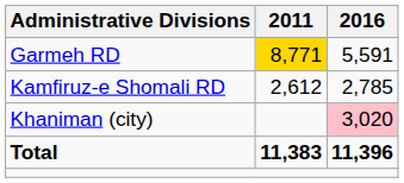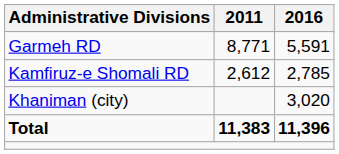 <table class="wikitable">
 <tr>
 <th>Administrative Divisions</th>
 <th>2011</th>
 <th>2016</th>
 </tr>
 <tr>
 <td><a href='#'>Garmeh RD</a></td>
-<td style="background: gold; text-align: right;">8,771</td>
+<td style="text-align: right;">8,771</td>
 <td style="text-align: right;">5,591</td>
 </tr>
 <tr>
 <td><a href='#'>Kamfiruz-e Shomali RD</a></td>
 <td style="text-align: right;">2,612</td>
 <td style="text-align: right;">2,785</td>
 </tr>
 <tr>
 <td><a href='#'>Khaniman</a> (city)</td>
 <td style="text-align: right;"></td>
-<td style="background: pink; text-align: right;">3,020</td>
+<td style="text-align: right;">3,020</td>
 </tr>
 <tr>
 <td><strong>Total</strong></td>
 <td style="text-align: right;"><strong>11,383</strong></td>
 <td style="text-align: right;"><strong>11,396</strong></td>
 </tr>
 <tr>
 <td colspan=3></td>
 </tr>
 </table>
